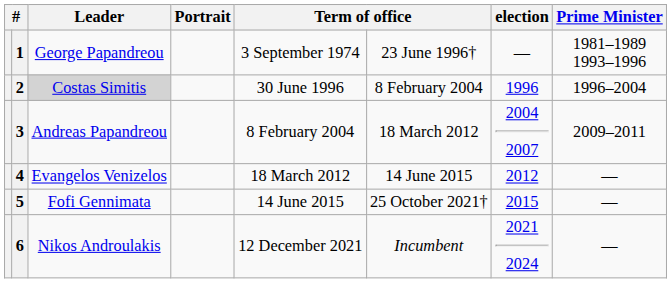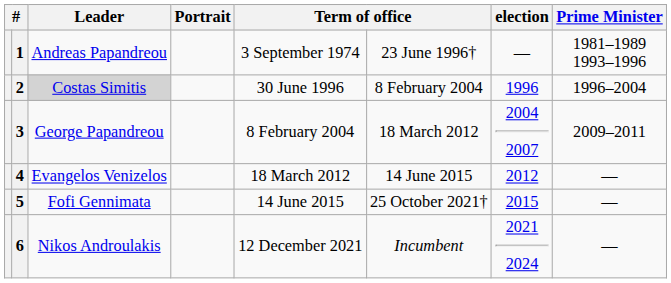 <table class="wikitable"  style="text-align:center;">
 <tr>
 <th colspan=2>#</th>
 <th>Leader</th>
 <th>Portrait</th>
 <th colspan=2>Term of office</th>
 <th>election</th>
 <th><a href='#'>Prime Minister</a></th>
 </tr>
 <tr>
 <th style="background:"></th>
 <th>1</th>
-<td><a href='#'>George Papandreou</a></td>
+<td><a href='#'>Andreas Papandreou</a></td>
 <td></td>
 <td>3 September 1974</td>
 <td>23 June 1996†</td>
 <td>—</td>
 <td>1981–1989<br>1993–1996</td>
 </tr>
 <tr>
 <th style="background:"></th>
 <th>2</th>
 <td style="background: lightgrey;"><a href='#'>Costas Simitis</a></td>
 <td></td>
 <td>30 June 1996</td>
 <td>8 February 2004</td>
 <td><a href='#'>1996</a></td>
 <td>1996–2004</td>
 </tr>
 <tr>
 <th style="background:"></th>
 <th>3</th>
-<td><a href='#'>Andreas Papandreou</a></td>
+<td><a href='#'>George Papandreou</a></td>
 <td></td>
 <td>8 February 2004</td>
 <td>18 March 2012</td>
 <td><a href='#'>2004</a><hr><a href='#'>2007</a></td>
 <td>2009–2011</td>
 </tr>
 <tr>
 <th style="background:"></th>
 <th>4</th>
 <td><a href='#'>Evangelos Venizelos</a></td>
 <td></td>
 <td>18 March 2012</td>
 <td>14 June 2015</td>
 <td><a href='#'>2012</a></td>
 <td>—</td>
 </tr>
 <tr>
 <th style="background:"></th>
 <th>5</th>
 <td><a href='#'>Fofi Gennimata</a></td>
 <td></td>
 <td>14 June 2015</td>
 <td>25 October 2021†</td>
 <td><a href='#'>2015</a></td>
 <td>—</td>
 </tr>
 <tr>
 <th style="background:"></th>
 <th>6</th>
 <td><a href='#'>Nikos Androulakis</a></td>
 <td></td>
 <td>12 December 2021</td>
 <td><em>Incumbent</em></td>
 <td><a href='#'>2021</a> <hr> <a href='#'>2024</a></td>
 <td>—</td>
 </tr>
 </table>
